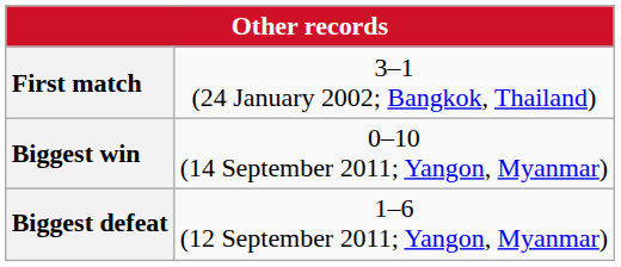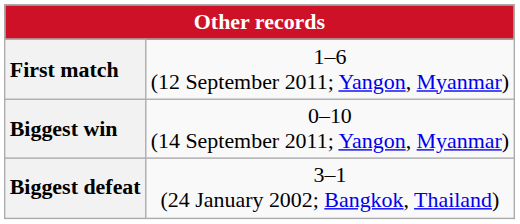 <table class="wikitable" style="text-align: center;font-size:100%;">
 <tr>
 <th colspan=6 style="background: #CE1126; color: #FFFFFF;">Other records</th>
 </tr>
 <tr>
 <th style="text-align: left;">First match</th>
-<td style="text-align: center;"> 3–1 <br> (24 January 2002; <a href='#'>Bangkok</a>, <a href='#'>Thailand</a>)</td>
+<td style="text-align: center;"> 1–6 <br> (12 September 2011; <a href='#'>Yangon</a>, <a href='#'>Myanmar</a>)</td>
 </tr>
 <tr>
 <th style="text-align: left;">Biggest win</th>
 <td style="text-align: center;"> 0–10 <br> (14 September 2011; <a href='#'>Yangon</a>, <a href='#'>Myanmar</a>)</td>
 </tr>
 <tr>
 <th style="text-align: left;">Biggest defeat</th>
-<td style="text-align: center;"> 1–6 <br> (12 September 2011; <a href='#'>Yangon</a>, <a href='#'>Myanmar</a>)</td>
+<td style="text-align: center;"> 3–1 <br> (24 January 2002; <a href='#'>Bangkok</a>, <a href='#'>Thailand</a>)</td>
 </tr>
 </table>
